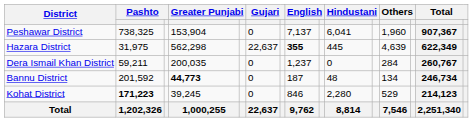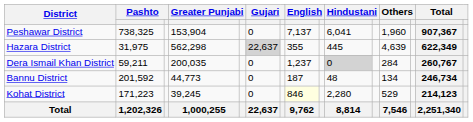 <table class="wikitable sortable">
 <tr>
 <th rowspan="2"><a href='#'>District</a></th>
 <th colspan="2"><a href='#'>Pashto</a></th>
 <th colspan="2"><a href='#'>Greater Punjabi</a></th>
 <th colspan="2"><a href='#'>Gujari</a></th>
 <th colspan="2"><a href='#'>English</a></th>
 <th colspan="2"><a href='#'>Hindustani</a></th>
 <th colspan="2">Others</th>
 <th colspan="2">Total</th>
 </tr>
 <tr>
 <th><a href='#'></a></th>
 <th></th>
 <th></th>
 <th></th>
 <th></th>
 <th></th>
 <th></th>
 <th></th>
 <th></th>
 <th></th>
 <th></th>
 <th></th>
 <th></th>
 <th></th>
 </tr>
 <tr>
 <td><a href='#'>Peshawar District</a></td>
 <td>738,325</td>
 <td></td>
 <td>153,904</td>
 <td></td>
 <td>0</td>
 <td></td>
 <td>7,137</td>
 <td></td>
 <td>6,041</td>
 <td></td>
 <td>1,960</td>
 <td></td>
 <th>907,367</th>
 <th></th>
 </tr>
 <tr>
 <td><a href='#'>Hazara District</a></td>
 <td>31,975</td>
 <td></td>
 <td>562,298</td>
 <td></td>
-<td>22,637</td>
+<td style="background: lightgrey;">22,637</td>
 <td></td>
-<td><strong>355</strong></td>
+<td>355</td>
 <td></td>
 <td>445</td>
 <td></td>
 <td>4,639</td>
 <td></td>
 <th>622,349</th>
 <th></th>
 </tr>
 <tr>
 <td><a href='#'>Dera Ismail Khan District</a></td>
 <td>59,211</td>
 <td></td>
 <td>200,035</td>
 <td></td>
 <td>0</td>
 <td></td>
 <td>1,237</td>
 <td></td>
-<td>0</td>
+<td style="background: lightgrey;">0</td>
 <td></td>
 <td>284</td>
 <td></td>
 <th>260,767</th>
 <th></th>
 </tr>
 <tr>
 <td><a href='#'>Bannu District</a></td>
 <td>201,592</td>
 <td></td>
-<td><strong>44,773</strong></td>
+<td>44,773</td>
 <td></td>
 <td>0</td>
 <td></td>
 <td>187</td>
 <td></td>
 <td>48</td>
 <td></td>
 <td>134</td>
 <td></td>
 <th>246,734</th>
 <th></th>
 </tr>
 <tr>
 <td><a href='#'>Kohat District</a></td>
-<td><strong>171,223</strong></td>
+<td>171,223</td>
 <td></td>
 <td>39,245</td>
 <td></td>
 <td>0</td>
 <td></td>
-<td>846</td>
+<td style="background: lightyellow;">846</td>
 <td></td>
 <td>2,280</td>
 <td></td>
 <td>529</td>
 <td></td>
 <th>214,123</th>
 <th></th>
 </tr>
 <tr>
 <th>Total</th>
 <th>1,202,326</th>
 <th></th>
 <th>1,000,255</th>
 <th></th>
 <th>22,637</th>
 <th></th>
 <th>9,762</th>
 <th></th>
 <th>8,814</th>
 <th></th>
 <th>7,546</th>
 <th></th>
 <th>2,251,340</th>
 <th></th>
 </tr>
 </table>
